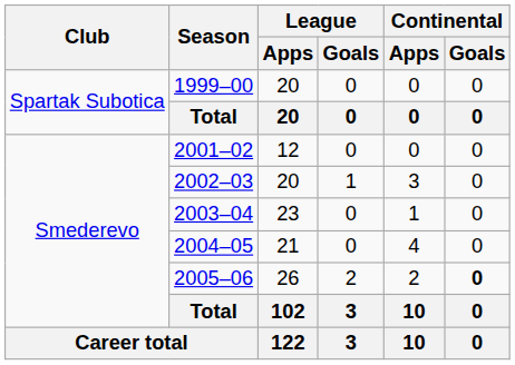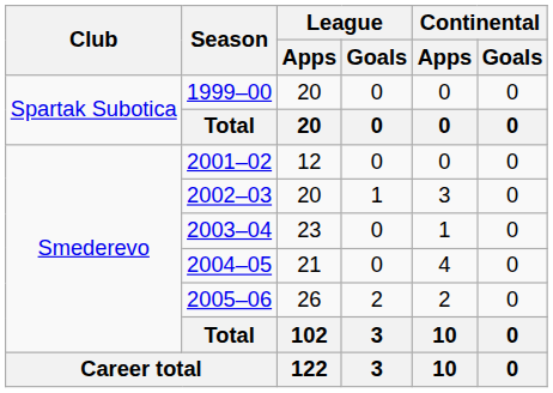 <table class="wikitable" style="text-align:center">
 <tr>
 <th rowspan="2">Club</th>
 <th rowspan="2">Season</th>
 <th colspan="2">League</th>
 <th colspan="2">Continental</th>
 </tr>
 <tr>
 <th>Apps</th>
 <th>Goals</th>
 <th>Apps</th>
 <th>Goals</th>
 </tr>
 <tr>
 <td rowspan="2"><a href='#'>Spartak Subotica</a></td>
 <td><a href='#'>1999–00</a></td>
 <td>20</td>
 <td>0</td>
 <td>0</td>
 <td>0</td>
 </tr>
 <tr>
 <th>Total</th>
 <th>20</th>
 <th>0</th>
 <th>0</th>
 <th>0</th>
 </tr>
 <tr>
 <td rowspan="6"><a href='#'>Smederevo</a></td>
 <td><a href='#'>2001–02</a></td>
 <td>12</td>
 <td>0</td>
 <td>0</td>
 <td>0</td>
 </tr>
 <tr>
 <td><a href='#'>2002–03</a></td>
 <td>20</td>
 <td>1</td>
 <td>3</td>
 <td>0</td>
 </tr>
 <tr>
 <td><a href='#'>2003–04</a></td>
 <td>23</td>
 <td>0</td>
 <td>1</td>
 <td>0</td>
 </tr>
 <tr>
 <td><a href='#'>2004–05</a></td>
 <td>21</td>
 <td>0</td>
 <td>4</td>
 <td>0</td>
 </tr>
 <tr>
 <td><a href='#'>2005–06</a></td>
 <td>26</td>
 <td>2</td>
 <td>2</td>
-<td><strong>0</strong></td>
+<td>0</td>
 </tr>
 <tr>
 <th>Total</th>
 <th>102</th>
 <th>3</th>
 <th>10</th>
 <th>0</th>
 </tr>
 <tr>
 <th colspan="2">Career total</th>
 <th>122</th>
 <th>3</th>
 <th>10</th>
 <th>0</th>
 </tr>
 </table>
